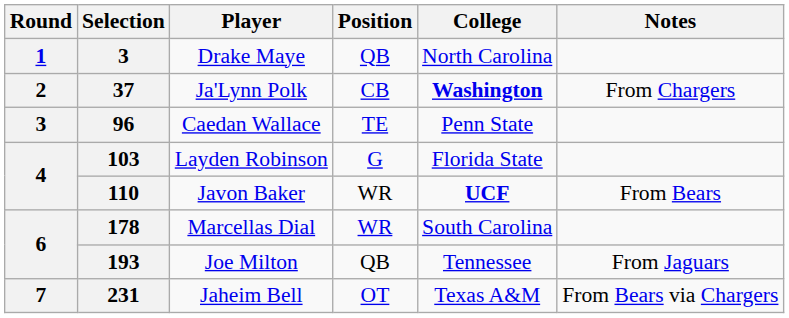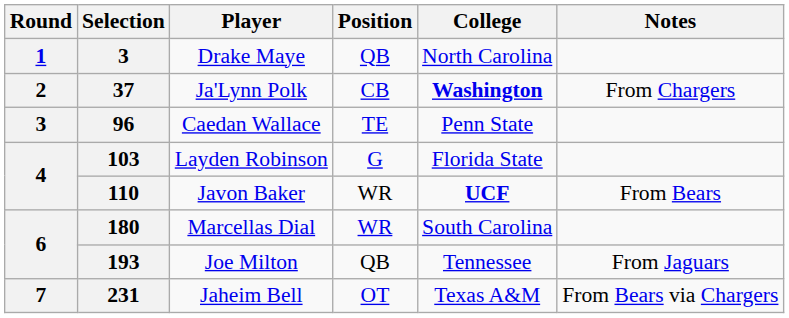 <table class="wikitable" style="text-align:center">
 <tr>
 <th>Round</th>
 <th>Selection</th>
 <th>Player</th>
 <th>Position</th>
 <th>College</th>
 <th>Notes</th>
 </tr>
 <tr>
 <th><a href='#'>1</a></th>
 <th>3</th>
 <td><a href='#'>Drake Maye</a></td>
 <td><a href='#'>QB</a></td>
 <td><a href='#'>North Carolina</a></td>
 <td></td>
 </tr>
 <tr>
 <th>2</th>
 <th>37</th>
 <td><a href='#'>Ja'Lynn Polk</a></td>
 <td><a href='#'>CB</a></td>
 <td><strong><a href='#'>Washington</a></strong></td>
 <td>From <a href='#'>Chargers</a></td>
 </tr>
 <tr>
 <th>3</th>
 <th>96</th>
 <td><a href='#'>Caedan Wallace</a></td>
 <td><a href='#'>TE</a></td>
 <td><a href='#'>Penn State</a></td>
 <td></td>
 </tr>
 <tr>
 <th rowspan="2">4</th>
 <th>103</th>
 <td><a href='#'>Layden Robinson</a></td>
 <td><a href='#'>G</a></td>
 <td><a href='#'>Florida State</a></td>
 <td></td>
 </tr>
 <tr>
 <th>110</th>
 <td><a href='#'>Javon Baker</a></td>
 <td>WR</td>
 <td><strong><a href='#'>UCF</a></strong></td>
 <td>From <a href='#'>Bears</a></td>
 </tr>
 <tr>
 <th rowspan="2">6</th>
-<th>178</th>
+<th>180</th>
 <td><a href='#'>Marcellas Dial</a></td>
 <td><a href='#'>WR</a></td>
 <td><a href='#'>South Carolina</a></td>
 <td></td>
 </tr>
 <tr>
 <th>193</th>
 <td><a href='#'>Joe Milton</a></td>
 <td>QB</td>
 <td><a href='#'>Tennessee</a></td>
 <td>From <a href='#'>Jaguars</a></td>
 </tr>
 <tr>
 <th>7</th>
 <th>231</th>
 <td><a href='#'>Jaheim Bell</a></td>
 <td><a href='#'>OT</a></td>
 <td><a href='#'>Texas A&M</a></td>
 <td>From <a href='#'>Bears</a> via <a href='#'>Chargers</a></td>
 </tr>
 </table>
